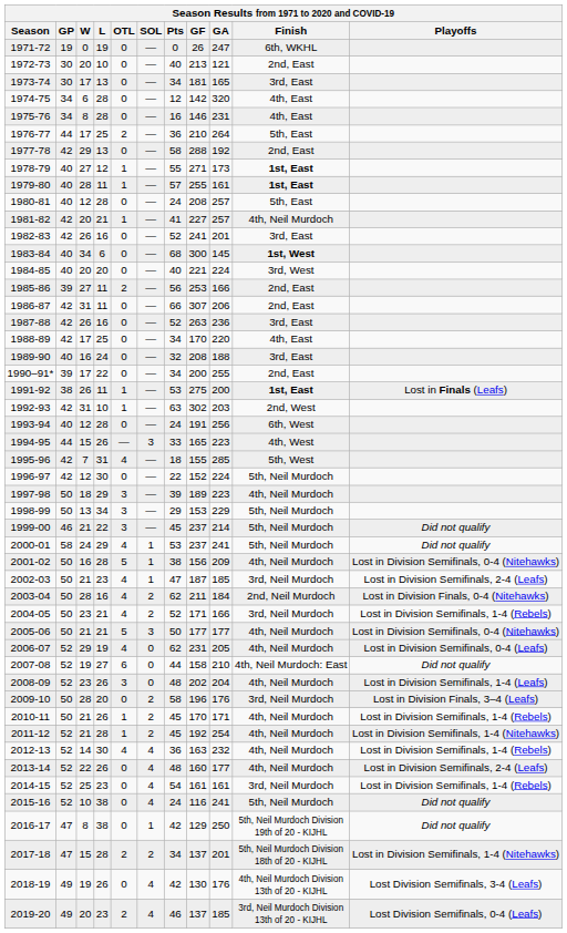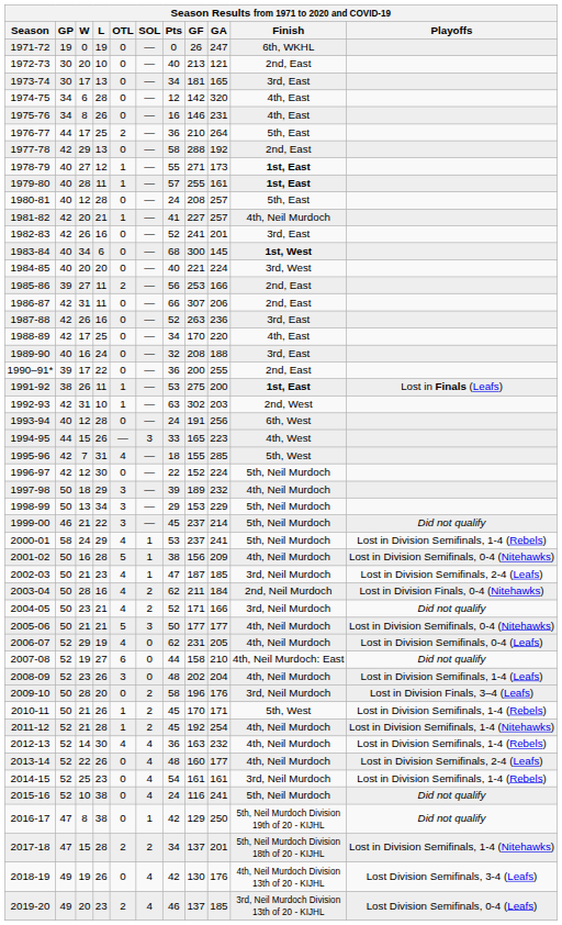 <table class="wikitable collapsible collapsed" style="text-align:center;">
 <tr>
 <th colspan=12 bgcolor="beige" style=text_color=black><strong>Season Results</strong>  <small>from 1971 to 2020 and COVID-19</small></th>
 </tr>
 <tr>
 <th>Season</th>
 <th>GP</th>
 <th>W</th>
 <th>L</th>
 <th>OTL</th>
 <th>SOL</th>
 <th>Pts</th>
 <th>GF</th>
 <th>GA</th>
 <th>Finish</th>
 <th>Playoffs</th>
 </tr>
 <tr style="background:#eee;">
 <td>1971-72</td>
 <td>19</td>
 <td>0</td>
 <td>19</td>
 <td>0</td>
 <td>—</td>
 <td>0</td>
 <td>26</td>
 <td>247</td>
 <td>6th, WKHL</td>
 <td></td>
 </tr>
 <tr>
 <td>1972-73</td>
 <td>30</td>
 <td>20</td>
 <td>10</td>
 <td>0</td>
 <td>—</td>
 <td>40</td>
 <td>213</td>
 <td>121</td>
 <td>2nd, East</td>
 <td></td>
 </tr>
 <tr style="background:#eee;">
 <td>1973-74</td>
 <td>30</td>
 <td>17</td>
 <td>13</td>
 <td>0</td>
 <td>—</td>
 <td>34</td>
 <td>181</td>
 <td>165</td>
 <td>3rd, East</td>
 <td></td>
 </tr>
 <tr>
 <td>1974-75</td>
 <td>34</td>
 <td>6</td>
 <td>28</td>
 <td>0</td>
 <td>—</td>
 <td>12</td>
 <td>142</td>
 <td>320</td>
 <td>4th, East</td>
 <td></td>
 </tr>
 <tr style="background:#eee;">
 <td>1975-76</td>
 <td>34</td>
 <td>8</td>
-<td>28</td>
+<td>26</td>
 <td>0</td>
 <td>—</td>
 <td>16</td>
 <td>146</td>
 <td>231</td>
 <td>4th, East</td>
 <td></td>
 </tr>
 <tr>
 <td>1976-77</td>
 <td>44</td>
 <td>17</td>
 <td>25</td>
 <td>2</td>
 <td>—</td>
 <td>36</td>
 <td>210</td>
 <td>264</td>
 <td>5th, East</td>
 <td></td>
 </tr>
 <tr style="background:#eee;">
 <td>1977-78</td>
 <td>42</td>
 <td>29</td>
 <td>13</td>
 <td>0</td>
 <td>—</td>
 <td>58</td>
 <td>288</td>
 <td>192</td>
 <td>2nd, East</td>
 <td></td>
 </tr>
 <tr>
 <td>1978-79</td>
 <td>40</td>
 <td>27</td>
 <td>12</td>
 <td>1</td>
 <td>—</td>
 <td>55</td>
 <td>271</td>
 <td>173</td>
 <td><strong>1st, East</strong></td>
 <td></td>
 </tr>
 <tr style="background:#eee;">
 <td>1979-80</td>
 <td>40</td>
 <td>28</td>
 <td>11</td>
 <td>1</td>
 <td>—</td>
 <td>57</td>
 <td>255</td>
 <td>161</td>
 <td><strong>1st, East</strong></td>
 <td></td>
 </tr>
 <tr>
 <td>1980-81</td>
 <td>40</td>
 <td>12</td>
 <td>28</td>
 <td>0</td>
 <td>—</td>
 <td>24</td>
 <td>208</td>
 <td>257</td>
 <td>5th, East</td>
 <td></td>
 </tr>
 <tr style="background:#eee;">
 <td>1981-82</td>
 <td>42</td>
 <td>20</td>
 <td>21</td>
 <td>1</td>
 <td>—</td>
 <td>41</td>
 <td>227</td>
 <td>257</td>
 <td>4th, Neil Murdoch</td>
 <td></td>
 </tr>
 <tr>
 <td>1982-83</td>
 <td>42</td>
 <td>26</td>
 <td>16</td>
 <td>0</td>
 <td>—</td>
 <td>52</td>
 <td>241</td>
 <td>201</td>
 <td>3rd, East</td>
 <td></td>
 </tr>
 <tr style="background:#eee;">
 <td>1983-84</td>
 <td>40</td>
 <td>34</td>
 <td>6</td>
 <td>0</td>
 <td>—</td>
 <td>68</td>
 <td>300</td>
 <td>145</td>
 <td><strong>1st, West</strong></td>
 <td></td>
 </tr>
 <tr>
 <td>1984-85</td>
 <td>40</td>
 <td>20</td>
 <td>20</td>
 <td>0</td>
 <td>—</td>
 <td>40</td>
 <td>221</td>
 <td>224</td>
 <td>3rd, West</td>
 <td></td>
 </tr>
 <tr style="background:#eee;">
 <td>1985-86</td>
 <td>39</td>
 <td>27</td>
 <td>11</td>
 <td>2</td>
 <td>—</td>
 <td>56</td>
 <td>253</td>
 <td>166</td>
 <td>2nd, East</td>
 <td></td>
 </tr>
 <tr>
 <td>1986-87</td>
 <td>42</td>
 <td>31</td>
 <td>11</td>
 <td>0</td>
 <td>—</td>
 <td>66</td>
 <td>307</td>
 <td>206</td>
 <td>2nd, East</td>
 <td></td>
 </tr>
 <tr style="background:#eee;">
 <td>1987-88</td>
 <td>42</td>
 <td>26</td>
 <td>16</td>
 <td>0</td>
 <td>—</td>
 <td>52</td>
 <td>263</td>
 <td>236</td>
 <td>3rd, East</td>
 <td></td>
 </tr>
 <tr>
 <td>1988-89</td>
 <td>42</td>
 <td>17</td>
 <td>25</td>
 <td>0</td>
 <td>—</td>
 <td>34</td>
 <td>170</td>
 <td>220</td>
 <td>4th, East</td>
 <td></td>
 </tr>
 <tr style="background:#eee;">
 <td>1989-90</td>
 <td>40</td>
 <td>16</td>
 <td>24</td>
 <td>0</td>
 <td>—</td>
 <td>32</td>
 <td>208</td>
 <td>188</td>
 <td>3rd, East</td>
 <td></td>
 </tr>
 <tr>
 <td>1990–91*</td>
 <td>39</td>
 <td>17</td>
 <td>22</td>
 <td>0</td>
 <td>—</td>
-<td>34</td>
+<td>36</td>
 <td>200</td>
 <td>255</td>
 <td>2nd, East</td>
 <td></td>
 </tr>
 <tr style="background:#eee;">
 <td>1991-92</td>
 <td>38</td>
 <td>26</td>
 <td>11</td>
 <td>1</td>
 <td>—</td>
 <td>53</td>
 <td>275</td>
 <td>200</td>
 <td><strong>1st, East</strong></td>
 <td>Lost in <strong>Finals</strong> (<a href='#'>Leafs</a>)</td>
 </tr>
 <tr>
 <td>1992-93</td>
 <td>42</td>
 <td>31</td>
 <td>10</td>
 <td>1</td>
 <td>—</td>
 <td>63</td>
 <td>302</td>
 <td>203</td>
 <td>2nd, West</td>
 <td></td>
 </tr>
 <tr style="background:#eee;">
 <td>1993-94</td>
 <td>40</td>
 <td>12</td>
 <td>28</td>
 <td>0</td>
 <td>—</td>
 <td>24</td>
 <td>191</td>
 <td>256</td>
 <td>6th, West</td>
 <td></td>
 </tr>
 <tr style="background:#eee;">
 <td>1994-95</td>
 <td>44</td>
 <td>15</td>
 <td>26</td>
 <td>—</td>
 <td>3</td>
 <td>33</td>
 <td>165</td>
 <td>223</td>
 <td>4th, West</td>
 <td></td>
 </tr>
 <tr style="background:#eee;">
 <td>1995-96</td>
 <td>42</td>
 <td>7</td>
 <td>31</td>
 <td>4</td>
 <td>—</td>
 <td>18</td>
 <td>155</td>
 <td>285</td>
 <td>5th, West</td>
 <td></td>
 </tr>
 <tr>
 <td>1996-97</td>
 <td>42</td>
 <td>12</td>
 <td>30</td>
 <td>0</td>
 <td>—</td>
 <td>22</td>
 <td>152</td>
 <td>224</td>
 <td>5th, Neil Murdoch</td>
 <td></td>
 </tr>
 <tr style="background:#eee;">
 <td>1997-98</td>
 <td>50</td>
 <td>18</td>
 <td>29</td>
 <td>3</td>
 <td>—</td>
 <td>39</td>
 <td>189</td>
-<td>223</td>
+<td>232</td>
 <td>4th, Neil Murdoch</td>
 <td></td>
 </tr>
 <tr>
 <td>1998-99</td>
 <td>50</td>
 <td>13</td>
 <td>34</td>
 <td>3</td>
 <td>—</td>
 <td>29</td>
 <td>153</td>
 <td>229</td>
 <td>5th, Neil Murdoch</td>
 <td></td>
 </tr>
 <tr style="background:#eee;">
 <td>1999-00</td>
 <td>46</td>
 <td>21</td>
 <td>22</td>
 <td>3</td>
 <td>—</td>
 <td>45</td>
 <td>237</td>
 <td>214</td>
 <td>5th, Neil Murdoch</td>
 <td><em>Did not qualify</em></td>
 </tr>
 <tr>
 <td>2000-01</td>
 <td>58</td>
 <td>24</td>
 <td>29</td>
 <td>4</td>
 <td>1</td>
 <td>53</td>
 <td>237</td>
 <td>241</td>
 <td>5th, Neil Murdoch</td>
-<td><em>Did not qualify</em></td>
+<td>Lost in Division Semifinals, 1-4 (<a href='#'>Rebels</a>)</td>
 </tr>
 <tr style="background:#eee;">
 <td>2001-02</td>
 <td>50</td>
 <td>16</td>
 <td>28</td>
 <td>5</td>
 <td>1</td>
 <td>38</td>
 <td>156</td>
 <td>209</td>
 <td>4th, Neil Murdoch</td>
 <td>Lost in Division Semifinals, 0-4 (<a href='#'>Nitehawks</a>)</td>
 </tr>
 <tr>
 <td>2002-03</td>
 <td>50</td>
 <td>21</td>
 <td>23</td>
 <td>4</td>
 <td>1</td>
 <td>47</td>
 <td>187</td>
 <td>185</td>
 <td>3rd, Neil Murdoch</td>
 <td>Lost in Division Semifinals, 2-4 (<a href='#'>Leafs</a>)</td>
 </tr>
 <tr style="background:#eee;">
 <td>2003-04</td>
 <td>50</td>
 <td>28</td>
 <td>16</td>
 <td>4</td>
 <td>2</td>
 <td>62</td>
 <td>211</td>
 <td>184</td>
 <td>2nd, Neil Murdoch</td>
 <td>Lost in Division Finals, 0-4 (<a href='#'>Nitehawks</a>)</td>
 </tr>
 <tr>
 <td>2004-05</td>
 <td>50</td>
 <td>23</td>
 <td>21</td>
 <td>4</td>
 <td>2</td>
 <td>52</td>
 <td>171</td>
 <td>166</td>
 <td>3rd, Neil Murdoch</td>
-<td>Lost in Division Semifinals, 1-4 (<a href='#'>Rebels</a>)</td>
+<td><em>Did not qualify</em></td>
 </tr>
 <tr style="background:#eee;">
 <td>2005-06</td>
 <td>50</td>
 <td>21</td>
 <td>21</td>
 <td>5</td>
 <td>3</td>
 <td>50</td>
 <td>177</td>
 <td>177</td>
 <td>4th, Neil Murdoch</td>
 <td>Lost in Division Semifinals, 0-4 (<a href='#'>Nitehawks</a>)</td>
 </tr>
 <tr style="background:#eee;">
 <td>2006-07</td>
 <td>52</td>
 <td>29</td>
 <td>19</td>
 <td>4</td>
 <td>0</td>
 <td>62</td>
 <td>231</td>
 <td>205</td>
 <td>4th, Neil Murdoch</td>
 <td>Lost in Division Semifinals, 0-4 (<a href='#'>Leafs</a>)</td>
 </tr>
 <tr>
 <td>2007-08</td>
 <td>52</td>
 <td>19</td>
 <td>27</td>
 <td>6</td>
 <td>0</td>
 <td>44</td>
 <td>158</td>
 <td>210</td>
 <td>4th, Neil Murdoch: East</td>
 <td><em>Did not qualify</em></td>
 </tr>
 <tr style="background:#eee;">
 <td>2008-09</td>
 <td>52</td>
 <td>23</td>
 <td>26</td>
 <td>3</td>
 <td>0</td>
 <td>48</td>
 <td>202</td>
 <td>204</td>
 <td>4th, Neil Murdoch</td>
 <td>Lost in Division Semifinals, 1-4 (<a href='#'>Leafs</a>)</td>
 </tr>
 <tr style="background:#eee;">
 <td>2009-10</td>
 <td>50</td>
 <td>28</td>
 <td>20</td>
 <td>0</td>
 <td>2</td>
 <td>58</td>
 <td>196</td>
 <td>176</td>
 <td>3rd, Neil Murdoch</td>
 <td>Lost in Division Finals, 3–4 (<a href='#'>Leafs</a>)</td>
 </tr>
 <tr>
 <td>2010-11</td>
 <td>50</td>
 <td>21</td>
 <td>26</td>
 <td>1</td>
 <td>2</td>
 <td>45</td>
 <td>170</td>
 <td>171</td>
-<td>4th, Neil Murdoch</td>
+<td>5th, West</td>
 <td>Lost in Division Semifinals, 1-4 (<a href='#'>Rebels</a>)</td>
 </tr>
 <tr style="background:#eee;">
 <td>2011-12</td>
 <td>52</td>
 <td>21</td>
 <td>28</td>
 <td>1</td>
 <td>2</td>
 <td>45</td>
 <td>192</td>
 <td>254</td>
 <td>4th, Neil Murdoch</td>
 <td>Lost in Division Semifinals, 1-4 (<a href='#'>Nitehawks</a>)</td>
 </tr>
 <tr>
 <td>2012-13</td>
 <td>52</td>
 <td>14</td>
 <td>30</td>
 <td>4</td>
 <td>4</td>
 <td>36</td>
 <td>163</td>
 <td>232</td>
 <td>4th, Neil Murdoch</td>
 <td>Lost in Division Semifinals, 1-4 (<a href='#'>Rebels</a>)</td>
 </tr>
 <tr style="background:#eee;">
 <td>2013-14</td>
 <td>52</td>
 <td>22</td>
 <td>26</td>
 <td>0</td>
 <td>4</td>
 <td>48</td>
 <td>160</td>
 <td>177</td>
 <td>4th, Neil Murdoch</td>
 <td>Lost in Division Semifinals, 2-4 (<a href='#'>Leafs</a>)</td>
 </tr>
 <tr>
 <td>2014-15</td>
 <td>52</td>
 <td>25</td>
 <td>23</td>
 <td>0</td>
 <td>4</td>
 <td>54</td>
 <td>161</td>
 <td>161</td>
 <td>3rd, Neil Murdoch</td>
 <td>Lost in Division Semifinals, 1-4 (<a href='#'>Rebels</a>)</td>
 </tr>
 <tr style="background:#eee;">
 <td>2015-16</td>
 <td>52</td>
 <td>10</td>
 <td>38</td>
 <td>0</td>
 <td>4</td>
 <td>24</td>
 <td>116</td>
 <td>241</td>
 <td>5th, Neil Murdoch</td>
 <td><em>Did not qualify</em></td>
 </tr>
 <tr>
 <td>2016-17</td>
 <td>47</td>
 <td>8</td>
 <td>38</td>
 <td>0</td>
 <td>1</td>
 <td>42</td>
 <td>129</td>
 <td>250</td>
 <td><small>5th, Neil Murdoch Division <br>19th of 20 - KIJHL</small></td>
 <td><em>Did not qualify</em></td>
 </tr>
 <tr style="background:#eee;">
 <td>2017-18</td>
 <td>47</td>
 <td>15</td>
 <td>28</td>
 <td>2</td>
 <td>2</td>
 <td>34</td>
 <td>137</td>
 <td>201</td>
 <td><small>5th, Neil Murdoch Division <br>18th of 20 - KIJHL</small></td>
 <td>Lost in Division Semifinals, 1-4 (<a href='#'>Nitehawks</a>)</td>
 </tr>
 <tr>
 <td>2018-19</td>
 <td>49</td>
 <td>19</td>
 <td>26</td>
 <td>0</td>
 <td>4</td>
 <td>42</td>
 <td>130</td>
 <td>176</td>
 <td><small>4th, Neil Murdoch Division <br>13th of 20 - KIJHL</small></td>
 <td>Lost Division Semifinals, 3-4 (<a href='#'>Leafs</a>)</td>
 </tr>
 <tr style="background:#eee;">
 <td>2019-20</td>
 <td>49</td>
 <td>20</td>
 <td>23</td>
 <td>2</td>
 <td>4</td>
 <td>46</td>
 <td>137</td>
 <td>185</td>
 <td><small>3rd, Neil Murdoch Division <br>13th of 20 - KIJHL</small></td>
 <td>Lost Division Semifinals, 0-4 (<a href='#'>Leafs</a>)</td>
 </tr>
 </table>
